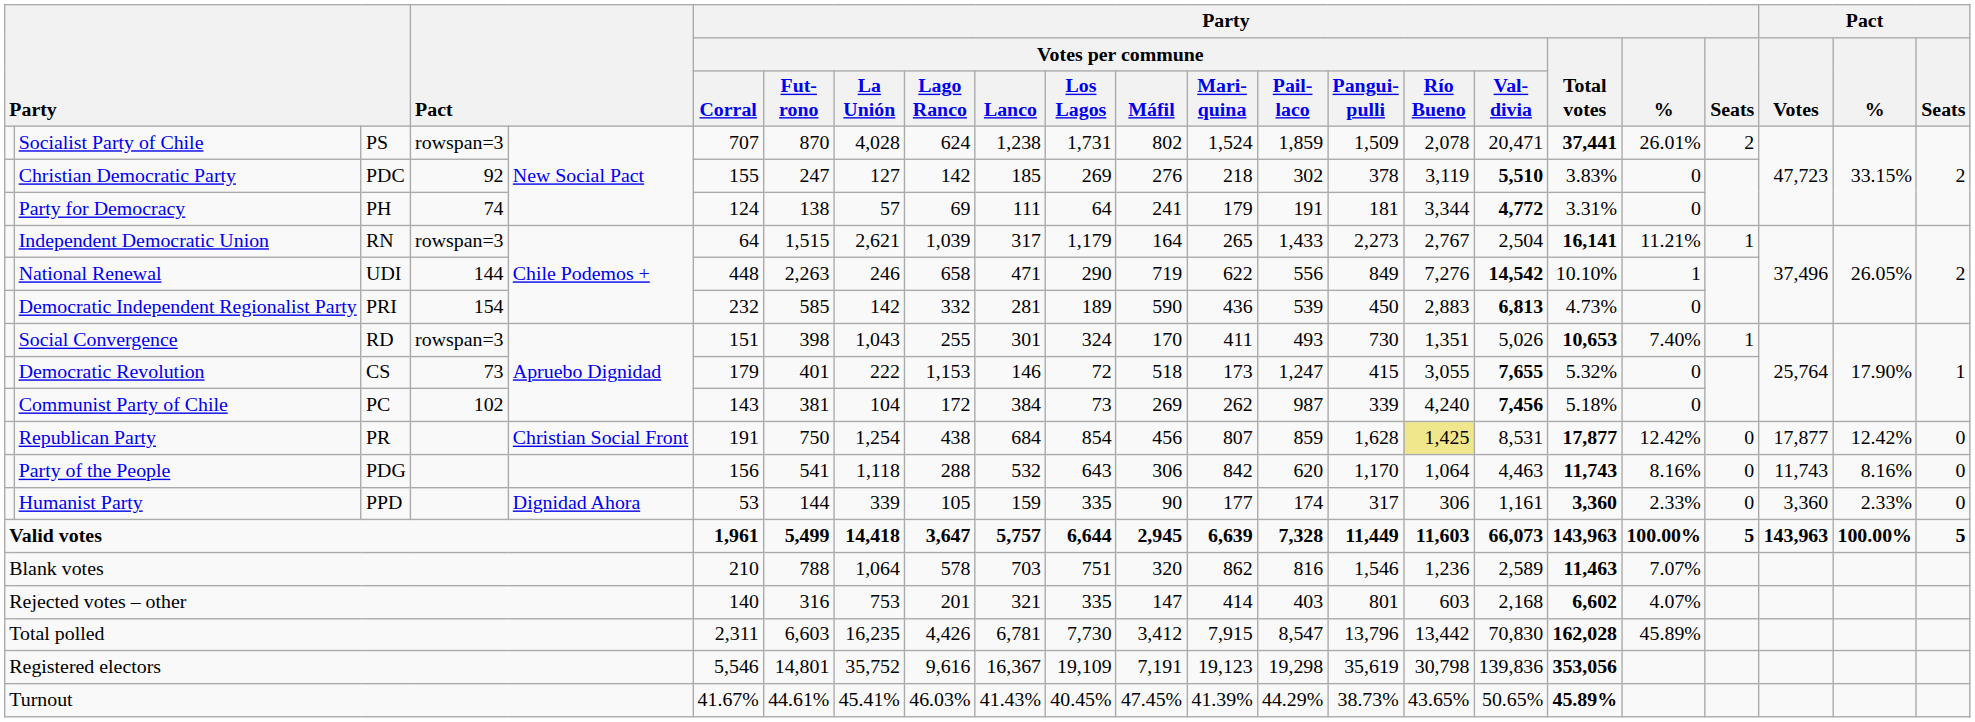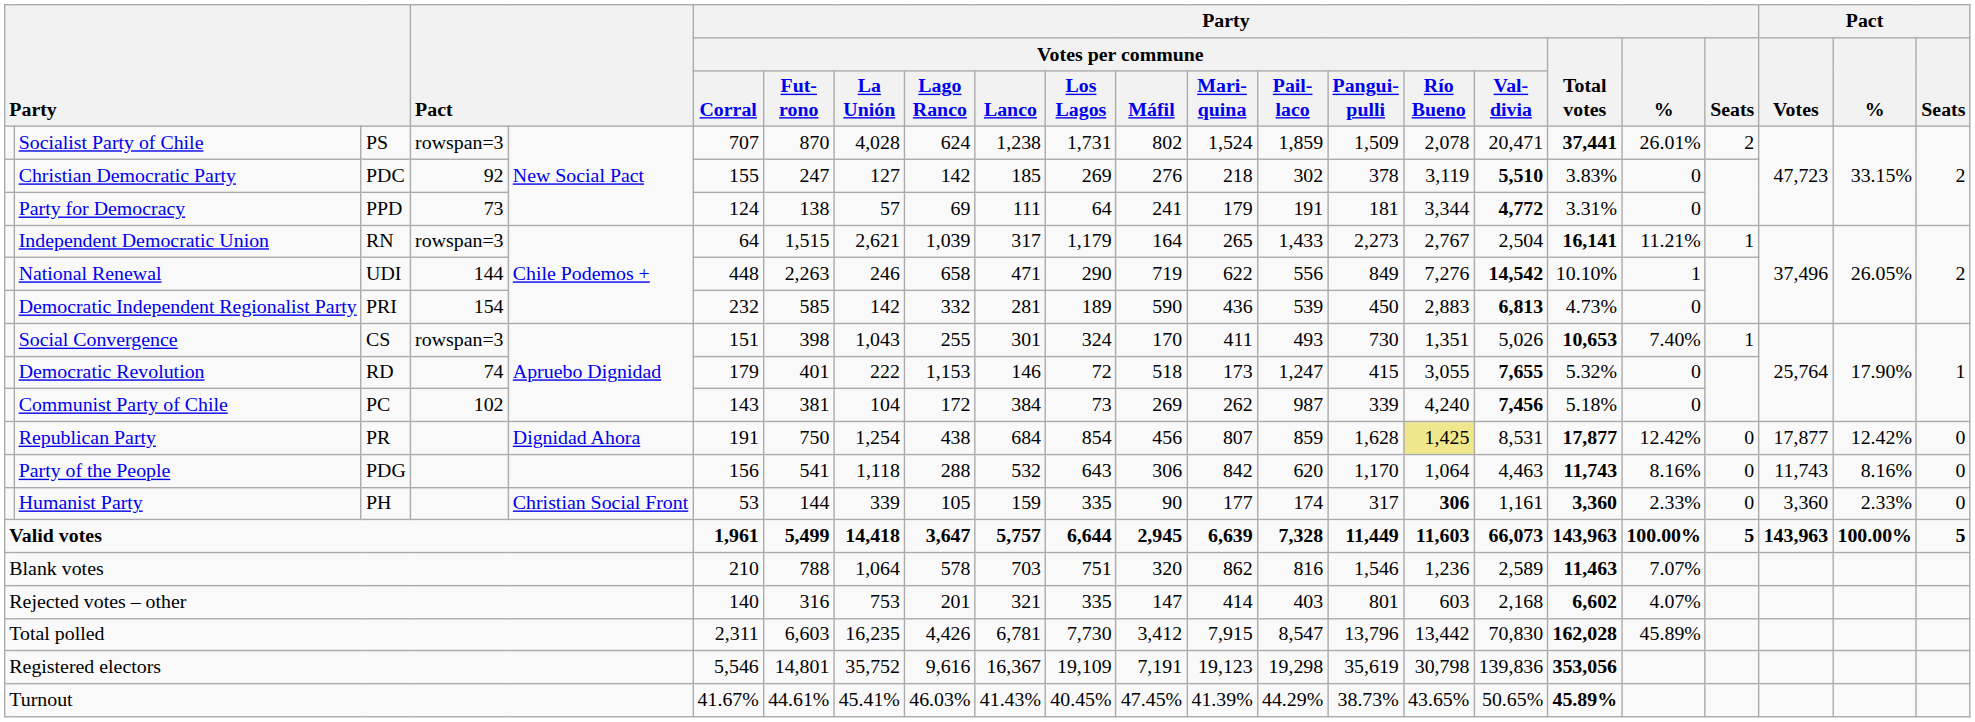 <table class="wikitable" border="1" style="font-size:90%; text-align:right; white-space: nowrap;">
 <tr>
 <th style="text-align:left;" valign=bottom rowspan=3 colspan=3>Party</th>
 <th style="text-align:left;" valign=bottom rowspan=3 colspan=2>Pact</th>
 <th colspan=15>Party</th>
 <th colspan=3>Pact</th>
 </tr>
 <tr>
 <th colspan=12>Votes per commune</th>
 <th align=center valign=bottom rowspan=2 width="40">Total<br>votes</th>
 <th align=center valign=bottom rowspan=2 width="40">%</th>
 <th align=center valign=bottom rowspan=2>Seats</th>
 <th align=center valign=bottom rowspan=2 width="40">Votes</th>
 <th align=center valign=bottom rowspan=2 width="40">%</th>
 <th align=center valign=bottom rowspan=2>Seats</th>
 </tr>
 <tr>
 <th align=center valign=bottom width="40"><a href='#'>Corral</a></th>
 <th align=center valign=bottom width="40"><a href='#'>Fut-<br>rono</a></th>
 <th align=center valign=bottom width="40"><a href='#'>La<br>Unión</a></th>
 <th align=center valign=bottom width="40"><a href='#'>Lago<br>Ranco</a></th>
 <th align=center valign=bottom width="40"><a href='#'>Lanco</a></th>
 <th align=center valign=bottom width="40"><a href='#'>Los<br>Lagos</a></th>
 <th align=center valign=bottom width="40"><a href='#'>Máfil</a></th>
 <th align=center valign=bottom width="40"><a href='#'>Mari-<br>quina</a></th>
 <th align=center valign=bottom width="40"><a href='#'>Pail-<br>laco</a></th>
 <th align=center valign=bottom width="40"><a href='#'>Pangui-<br>pulli</a></th>
 <th align=center valign=bottom width="40"><a href='#'>Río<br>Bueno</a></th>
 <th align=center valign=bottom width="40"><a href='#'>Val-<br>divia</a></th>
 </tr>
 <tr>
 <td></td>
 <td align=left><a href='#'>Socialist Party of Chile</a></td>
 <td align=left>PS</td>
 <td>rowspan=3 </td>
 <td rowspan=3 align=left><a href='#'>New Social Pact</a></td>
 <td>707</td>
 <td>870</td>
 <td>4,028</td>
 <td>624</td>
 <td>1,238</td>
 <td>1,731</td>
 <td>802</td>
 <td>1,524</td>
 <td>1,859</td>
 <td>1,509</td>
 <td>2,078</td>
 <td>20,471</td>
 <td><strong>37,441</strong></td>
 <td>26.01%</td>
 <td>2</td>
 <td rowspan=3>47,723</td>
 <td rowspan=3>33.15%</td>
 <td rowspan=3>2</td>
 </tr>
 <tr>
 <td></td>
 <td align=left><a href='#'>Christian Democratic Party</a></td>
 <td align=left>PDC</td>
 <td>92</td>
 <td>155</td>
 <td>247</td>
 <td>127</td>
 <td>142</td>
 <td>185</td>
 <td>269</td>
 <td>276</td>
 <td>218</td>
 <td>302</td>
 <td>378</td>
 <td>3,119</td>
 <td><strong>5,510</strong></td>
 <td>3.83%</td>
 <td>0</td>
 </tr>
 <tr>
 <td></td>
 <td align=left><a href='#'>Party for Democracy</a></td>
-<td align=left>PH</td>
-<td>74</td>
+<td align=left>PPD</td>
+<td>73</td>
 <td>124</td>
 <td>138</td>
 <td>57</td>
 <td>69</td>
 <td>111</td>
 <td>64</td>
 <td>241</td>
 <td>179</td>
 <td>191</td>
 <td>181</td>
 <td>3,344</td>
 <td><strong>4,772</strong></td>
 <td>3.31%</td>
 <td>0</td>
 </tr>
 <tr>
 <td></td>
 <td align=left><a href='#'>Independent Democratic Union</a></td>
 <td align=left>RN</td>
 <td>rowspan=3 </td>
 <td rowspan=3 align=left><a href='#'>Chile Podemos +</a></td>
 <td>64</td>
 <td>1,515</td>
 <td>2,621</td>
 <td>1,039</td>
 <td>317</td>
 <td>1,179</td>
 <td>164</td>
 <td>265</td>
 <td>1,433</td>
 <td>2,273</td>
 <td>2,767</td>
 <td>2,504</td>
 <td><strong>16,141</strong></td>
 <td>11.21%</td>
 <td>1</td>
 <td rowspan=3>37,496</td>
 <td rowspan=3>26.05%</td>
 <td rowspan=3>2</td>
 </tr>
 <tr>
 <td></td>
 <td align=left><a href='#'>National Renewal</a></td>
 <td align=left>UDI</td>
 <td>144</td>
 <td>448</td>
 <td>2,263</td>
 <td>246</td>
 <td>658</td>
 <td>471</td>
 <td>290</td>
 <td>719</td>
 <td>622</td>
 <td>556</td>
 <td>849</td>
 <td>7,276</td>
 <td><strong>14,542</strong></td>
 <td>10.10%</td>
 <td>1</td>
 </tr>
 <tr>
 <td></td>
 <td align=left><a href='#'>Democratic Independent Regionalist Party</a></td>
 <td align=left>PRI</td>
 <td>154</td>
 <td>232</td>
 <td>585</td>
 <td>142</td>
 <td>332</td>
 <td>281</td>
 <td>189</td>
 <td>590</td>
 <td>436</td>
 <td>539</td>
 <td>450</td>
 <td>2,883</td>
 <td><strong>6,813</strong></td>
 <td>4.73%</td>
 <td>0</td>
 </tr>
 <tr>
 <td></td>
 <td align=left><a href='#'>Social Convergence</a></td>
-<td align=left>RD</td>
+<td align=left>CS</td>
 <td>rowspan=3 </td>
 <td rowspan=3 align=left><a href='#'>Apruebo Dignidad</a></td>
 <td>151</td>
 <td>398</td>
 <td>1,043</td>
 <td>255</td>
 <td>301</td>
 <td>324</td>
 <td>170</td>
 <td>411</td>
 <td>493</td>
 <td>730</td>
 <td>1,351</td>
 <td>5,026</td>
 <td><strong>10,653</strong></td>
 <td>7.40%</td>
 <td>1</td>
 <td rowspan=3>25,764</td>
 <td rowspan=3>17.90%</td>
 <td rowspan=3>1</td>
 </tr>
 <tr>
 <td></td>
 <td align=left><a href='#'>Democratic Revolution</a></td>
-<td align=left>CS</td>
-<td>73</td>
+<td align=left>RD</td>
+<td>74</td>
 <td>179</td>
 <td>401</td>
 <td>222</td>
 <td>1,153</td>
 <td>146</td>
 <td>72</td>
 <td>518</td>
 <td>173</td>
 <td>1,247</td>
 <td>415</td>
 <td>3,055</td>
 <td><strong>7,655</strong></td>
 <td>5.32%</td>
 <td>0</td>
 </tr>
 <tr>
 <td></td>
 <td align=left><a href='#'>Communist Party of Chile</a></td>
 <td align=left>PC</td>
 <td>102</td>
 <td>143</td>
 <td>381</td>
 <td>104</td>
 <td>172</td>
 <td>384</td>
 <td>73</td>
 <td>269</td>
 <td>262</td>
 <td>987</td>
 <td>339</td>
 <td>4,240</td>
 <td><strong>7,456</strong></td>
 <td>5.18%</td>
 <td>0</td>
 </tr>
 <tr>
 <td></td>
 <td align=left><a href='#'>Republican Party</a></td>
 <td align=left>PR</td>
 <td></td>
-<td align=left><a href='#'>Christian Social Front</a></td>
+<td align=left><a href='#'>Dignidad Ahora</a></td>
 <td>191</td>
 <td>750</td>
 <td>1,254</td>
 <td>438</td>
 <td>684</td>
 <td>854</td>
 <td>456</td>
 <td>807</td>
 <td>859</td>
 <td>1,628</td>
 <td style="background: khaki;">1,425</td>
 <td>8,531</td>
 <td><strong>17,877</strong></td>
 <td>12.42%</td>
 <td>0</td>
 <td>17,877</td>
 <td>12.42%</td>
 <td>0</td>
 </tr>
 <tr>
 <td></td>
 <td align=left><a href='#'>Party of the People</a></td>
 <td align=left>PDG</td>
 <td></td>
 <td></td>
 <td>156</td>
 <td>541</td>
 <td>1,118</td>
 <td>288</td>
 <td>532</td>
 <td>643</td>
 <td>306</td>
 <td>842</td>
 <td>620</td>
 <td>1,170</td>
 <td>1,064</td>
 <td>4,463</td>
 <td><strong>11,743</strong></td>
 <td>8.16%</td>
 <td>0</td>
 <td>11,743</td>
 <td>8.16%</td>
 <td>0</td>
 </tr>
 <tr>
 <td></td>
 <td align=left><a href='#'>Humanist Party</a></td>
-<td align=left>PPD</td>
+<td align=left>PH</td>
 <td></td>
-<td align=left><a href='#'>Dignidad Ahora</a></td>
+<td align=left><a href='#'>Christian Social Front</a></td>
 <td>53</td>
 <td>144</td>
 <td>339</td>
 <td>105</td>
 <td>159</td>
 <td>335</td>
 <td>90</td>
 <td>177</td>
 <td>174</td>
 <td>317</td>
-<td>306</td>
+<td><strong>306</strong></td>
 <td>1,161</td>
 <td><strong>3,360</strong></td>
 <td>2.33%</td>
 <td>0</td>
 <td>3,360</td>
 <td>2.33%</td>
 <td>0</td>
 </tr>
 <tr style="font-weight:bold">
 <td align=left colspan=5>Valid votes</td>
 <td>1,961</td>
 <td>5,499</td>
 <td>14,418</td>
 <td>3,647</td>
 <td>5,757</td>
 <td>6,644</td>
 <td>2,945</td>
 <td>6,639</td>
 <td>7,328</td>
 <td>11,449</td>
 <td>11,603</td>
 <td>66,073</td>
 <td>143,963</td>
 <td>100.00%</td>
 <td>5</td>
 <td>143,963</td>
 <td>100.00%</td>
 <td>5</td>
 </tr>
 <tr>
 <td align=left colspan=5>Blank votes</td>
 <td>210</td>
 <td>788</td>
 <td>1,064</td>
 <td>578</td>
 <td>703</td>
 <td>751</td>
 <td>320</td>
 <td>862</td>
 <td>816</td>
 <td>1,546</td>
 <td>1,236</td>
 <td>2,589</td>
 <td><strong>11,463</strong></td>
 <td>7.07%</td>
 <td></td>
 <td></td>
 <td></td>
 <td></td>
 </tr>
 <tr>
 <td align=left colspan=5>Rejected votes – other</td>
 <td>140</td>
 <td>316</td>
 <td>753</td>
 <td>201</td>
 <td>321</td>
 <td>335</td>
 <td>147</td>
 <td>414</td>
 <td>403</td>
 <td>801</td>
 <td>603</td>
 <td>2,168</td>
 <td><strong>6,602</strong></td>
 <td>4.07%</td>
 <td></td>
 <td></td>
 <td></td>
 <td></td>
 </tr>
 <tr>
 <td align=left colspan=5>Total polled</td>
 <td>2,311</td>
 <td>6,603</td>
 <td>16,235</td>
 <td>4,426</td>
 <td>6,781</td>
 <td>7,730</td>
 <td>3,412</td>
 <td>7,915</td>
 <td>8,547</td>
 <td>13,796</td>
 <td>13,442</td>
 <td>70,830</td>
 <td><strong>162,028</strong></td>
 <td>45.89%</td>
 <td></td>
 <td></td>
 <td></td>
 <td></td>
 </tr>
 <tr>
 <td align=left colspan=5>Registered electors</td>
 <td>5,546</td>
 <td>14,801</td>
 <td>35,752</td>
 <td>9,616</td>
 <td>16,367</td>
 <td>19,109</td>
 <td>7,191</td>
 <td>19,123</td>
 <td>19,298</td>
 <td>35,619</td>
 <td>30,798</td>
 <td>139,836</td>
 <td><strong>353,056</strong></td>
 <td></td>
 <td></td>
 <td></td>
 <td></td>
 <td></td>
 </tr>
 <tr>
 <td align=left colspan=5>Turnout</td>
 <td>41.67%</td>
 <td>44.61%</td>
 <td>45.41%</td>
 <td>46.03%</td>
 <td>41.43%</td>
 <td>40.45%</td>
 <td>47.45%</td>
 <td>41.39%</td>
 <td>44.29%</td>
 <td>38.73%</td>
 <td>43.65%</td>
 <td>50.65%</td>
 <td><strong>45.89%</strong></td>
 <td></td>
 <td></td>
 <td></td>
 <td></td>
 <td></td>
 </tr>
 </table>
